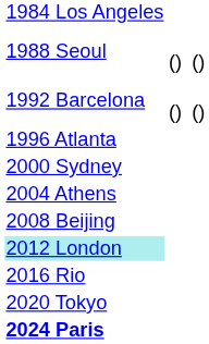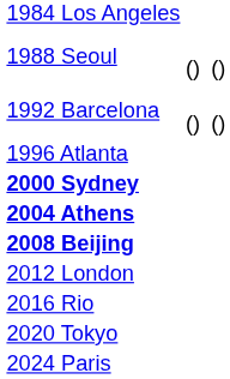 <table>
 <tr>
 <td><a href='#'>1984 Los Angeles</a><br></td>
 <td></td>
 <td></td>
 <td></td>
 </tr>
 <tr>
 <td><a href='#'>1988 Seoul</a><br></td>
 <td><br>()</td>
 <td></td>
 <td><br>()</td>
 </tr>
 <tr>
 <td><a href='#'>1992 Barcelona</a><br></td>
 <td><br>()</td>
 <td></td>
 <td><br>()</td>
 </tr>
 <tr valign="top">
 <td><a href='#'>1996 Atlanta</a><br></td>
 <td></td>
 <td></td>
 <td></td>
 </tr>
 <tr>
-<td><a href='#'>2000 Sydney</a><br></td>
+<td><strong><a href='#'>2000 Sydney</a><br></strong></td>
 <td></td>
 <td></td>
 <td></td>
 </tr>
 <tr>
-<td><a href='#'>2004 Athens</a><br></td>
+<td><strong><a href='#'>2004 Athens</a><br></strong></td>
 <td></td>
 <td></td>
 <td></td>
 </tr>
 <tr>
-<td><a href='#'>2008 Beijing</a><br></td>
+<td><strong><a href='#'>2008 Beijing</a><br></strong></td>
 <td></td>
 <td></td>
 <td></td>
 </tr>
 <tr>
-<td style="background: paleturquoise;"><a href='#'>2012 London</a><br></td>
+<td><a href='#'>2012 London</a><br></td>
 <td></td>
 <td></td>
 <td></td>
 </tr>
 <tr>
 <td><a href='#'>2016 Rio</a><br></td>
 <td></td>
 <td></td>
 <td></td>
 </tr>
 <tr>
 <td><a href='#'>2020 Tokyo</a><br></td>
 <td></td>
 <td></td>
 <td></td>
 </tr>
 <tr>
-<td><strong><a href='#'>2024 Paris</a><br></strong></td>
+<td><a href='#'>2024 Paris</a><br></td>
 <td></td>
 <td></td>
 <td></td>
 </tr>
 <tr>
 </tr>
 </table>
